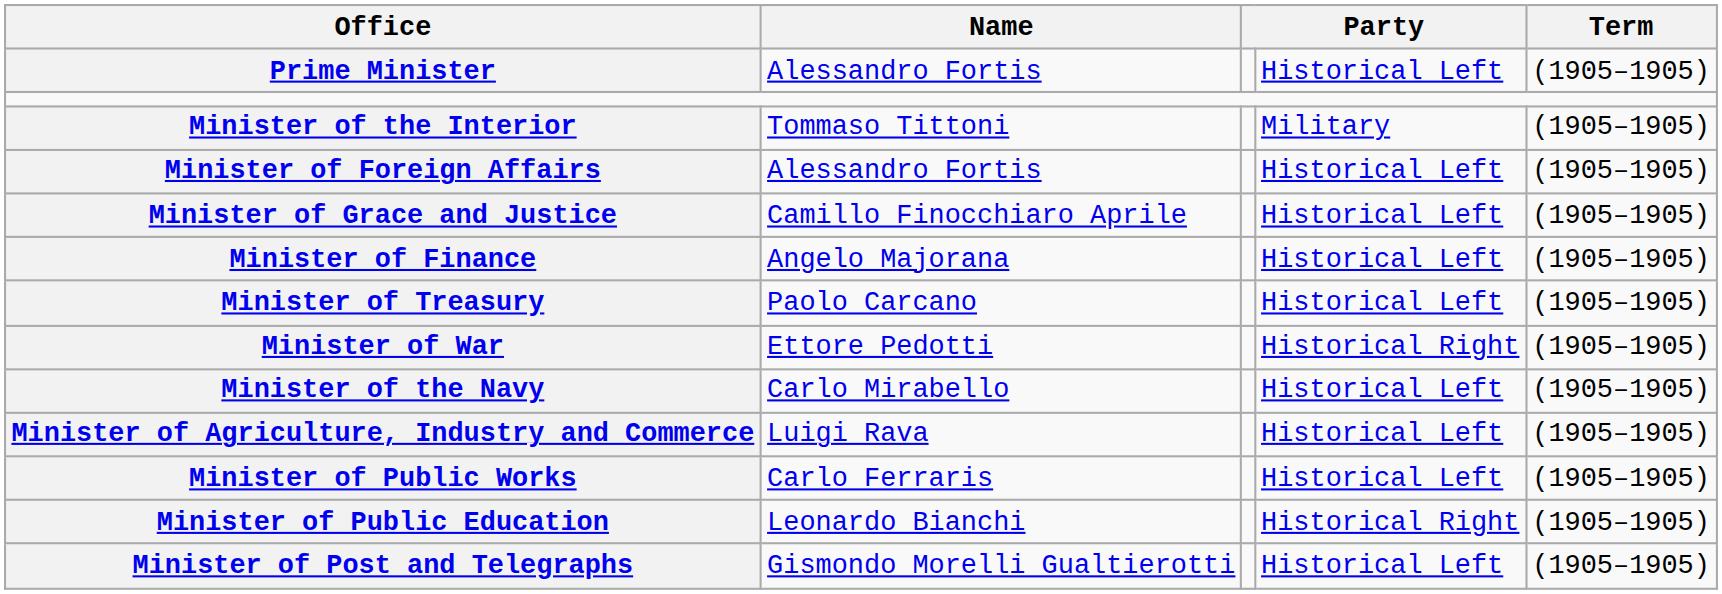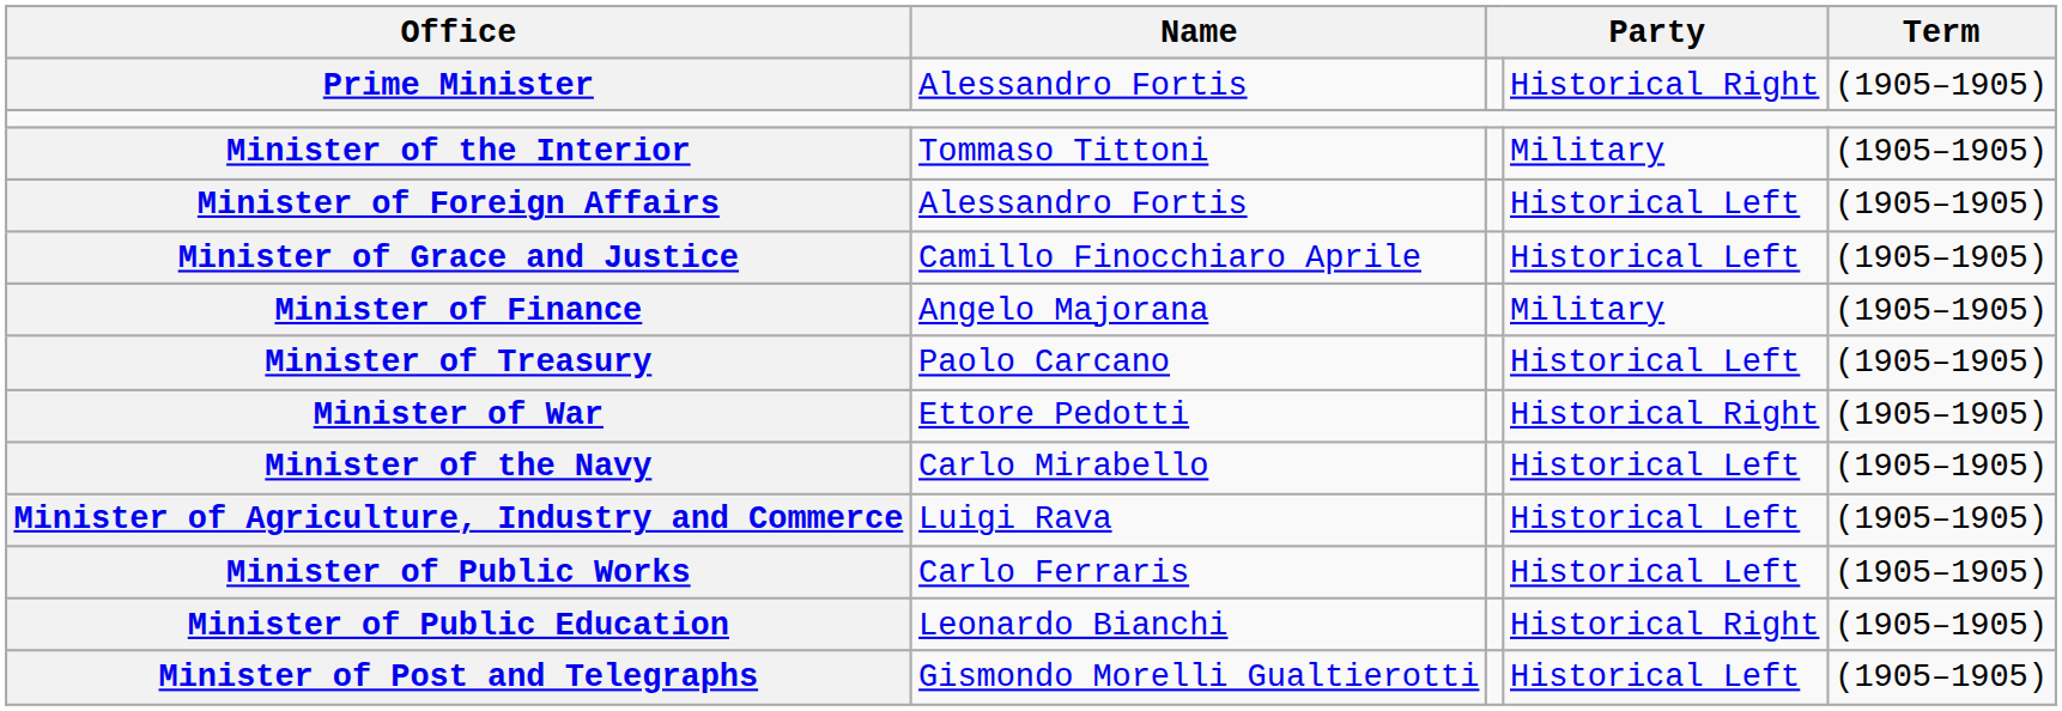 <table class="wikitable" style="font-size: 100%;">
 <tr>
 <th>Office</th>
 <th>Name</th>
 <th colspan=2>Party</th>
 <th>Term</th>
 </tr>
 <tr>
 <th><a href='#'>Prime Minister</a></th>
 <td><a href='#'>Alessandro Fortis</a></td>
 <td style="color:inherit;background:"></td>
-<td><a href='#'>Historical Left</a></td>
+<td><a href='#'>Historical Right</a></td>
 <td>(1905–1905)</td>
 </tr>
 <tr>
 <td colspan=6></td>
 </tr>
 <tr>
 <th><a href='#'>Minister of the Interior</a></th>
 <td><a href='#'>Tommaso Tittoni</a></td>
 <td style="color:inherit;background:"></td>
 <td><a href='#'>Military</a></td>
 <td>(1905–1905)</td>
 </tr>
 <tr>
 <th><a href='#'>Minister of Foreign Affairs</a></th>
 <td><a href='#'>Alessandro Fortis</a></td>
 <td style="color:inherit;background:"></td>
 <td><a href='#'>Historical Left</a></td>
 <td>(1905–1905)</td>
 </tr>
 <tr>
 <th><a href='#'>Minister of Grace and Justice</a></th>
 <td><a href='#'>Camillo Finocchiaro Aprile</a></td>
 <td style="color:inherit;background:"></td>
 <td><a href='#'>Historical Left</a></td>
 <td>(1905–1905)</td>
 </tr>
 <tr>
 <th><a href='#'>Minister of Finance</a></th>
 <td><a href='#'>Angelo Majorana</a></td>
 <td style="color:inherit;background:"></td>
-<td><a href='#'>Historical Left</a></td>
+<td><a href='#'>Military</a></td>
 <td>(1905–1905)</td>
 </tr>
 <tr>
 <th><a href='#'>Minister of Treasury</a></th>
 <td><a href='#'>Paolo Carcano</a></td>
 <td style="color:inherit;background:"></td>
 <td><a href='#'>Historical Left</a></td>
 <td>(1905–1905)</td>
 </tr>
 <tr>
 <th><a href='#'>Minister of War</a></th>
 <td><a href='#'>Ettore Pedotti</a></td>
 <td style="color:inherit;background:"></td>
 <td><a href='#'>Historical Right</a></td>
 <td>(1905–1905)</td>
 </tr>
 <tr>
 <th><a href='#'>Minister of the Navy</a></th>
 <td><a href='#'>Carlo Mirabello</a></td>
 <td style="color:inherit;background:"></td>
 <td><a href='#'>Historical Left</a></td>
 <td>(1905–1905)</td>
 </tr>
 <tr>
 <th><a href='#'>Minister of Agriculture, Industry and Commerce</a></th>
 <td><a href='#'>Luigi Rava</a></td>
 <td style="color:inherit;background:"></td>
 <td><a href='#'>Historical Left</a></td>
 <td>(1905–1905)</td>
 </tr>
 <tr>
 <th><a href='#'>Minister of Public Works</a></th>
 <td><a href='#'>Carlo Ferraris</a></td>
 <td style="color:inherit;background:"></td>
 <td><a href='#'>Historical Left</a></td>
 <td>(1905–1905)</td>
 </tr>
 <tr>
 <th><a href='#'>Minister of Public Education</a></th>
 <td><a href='#'>Leonardo Bianchi</a></td>
 <td style="color:inherit;background:"></td>
 <td><a href='#'>Historical Right</a></td>
 <td>(1905–1905)</td>
 </tr>
 <tr>
 <th><a href='#'>Minister of Post and Telegraphs</a></th>
 <td><a href='#'>Gismondo Morelli Gualtierotti</a></td>
 <td style="color:inherit;background:"></td>
 <td><a href='#'>Historical Left</a></td>
 <td>(1905–1905)</td>
 </tr>
 </table>
